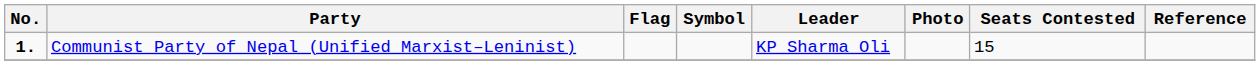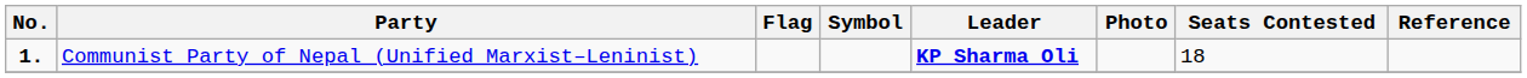 <table class="wikitable" width="75%">
 <tr>
 <th>No.</th>
 <th "style=max-width:60em">Party</th>
 <th>Flag</th>
 <th>Symbol</th>
 <th>Leader</th>
 <th>Photo</th>
 <th>Seats Contested</th>
 <th>Reference</th>
 </tr>
 <tr>
 <td style="text-align:center; background:"><strong>1.</strong></td>
 <td><a href='#'>Communist Party of Nepal (Unified Marxist–Leninist)</a></td>
 <td></td>
 <td></td>
-<td><a href='#'>KP Sharma Oli</a></td>
+<td><strong><a href='#'>KP Sharma Oli</a></strong></td>
 <td></td>
-<td>15</td>
+<td>18</td>
 <td></td>
 </tr>
 <tr>
 </tr>
 </table>
